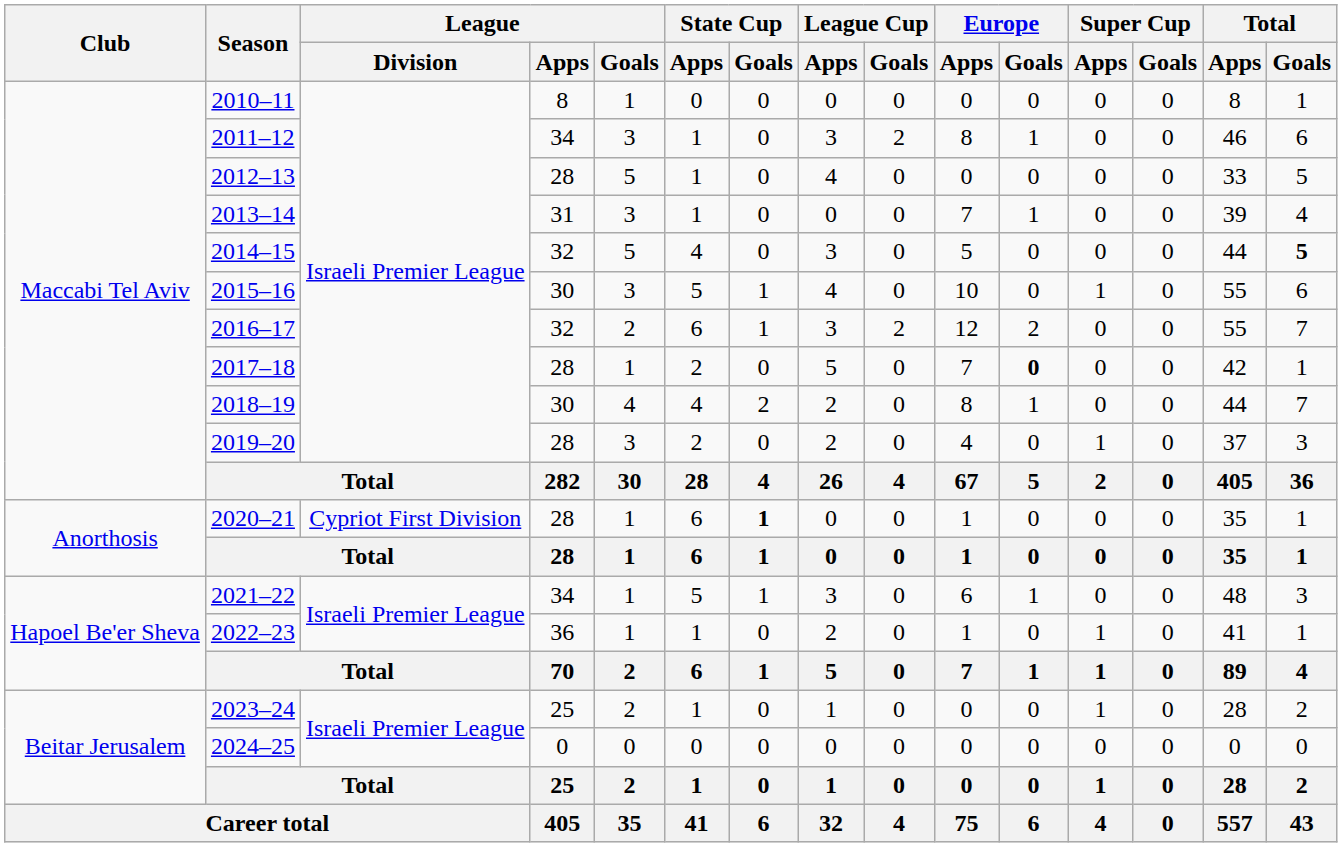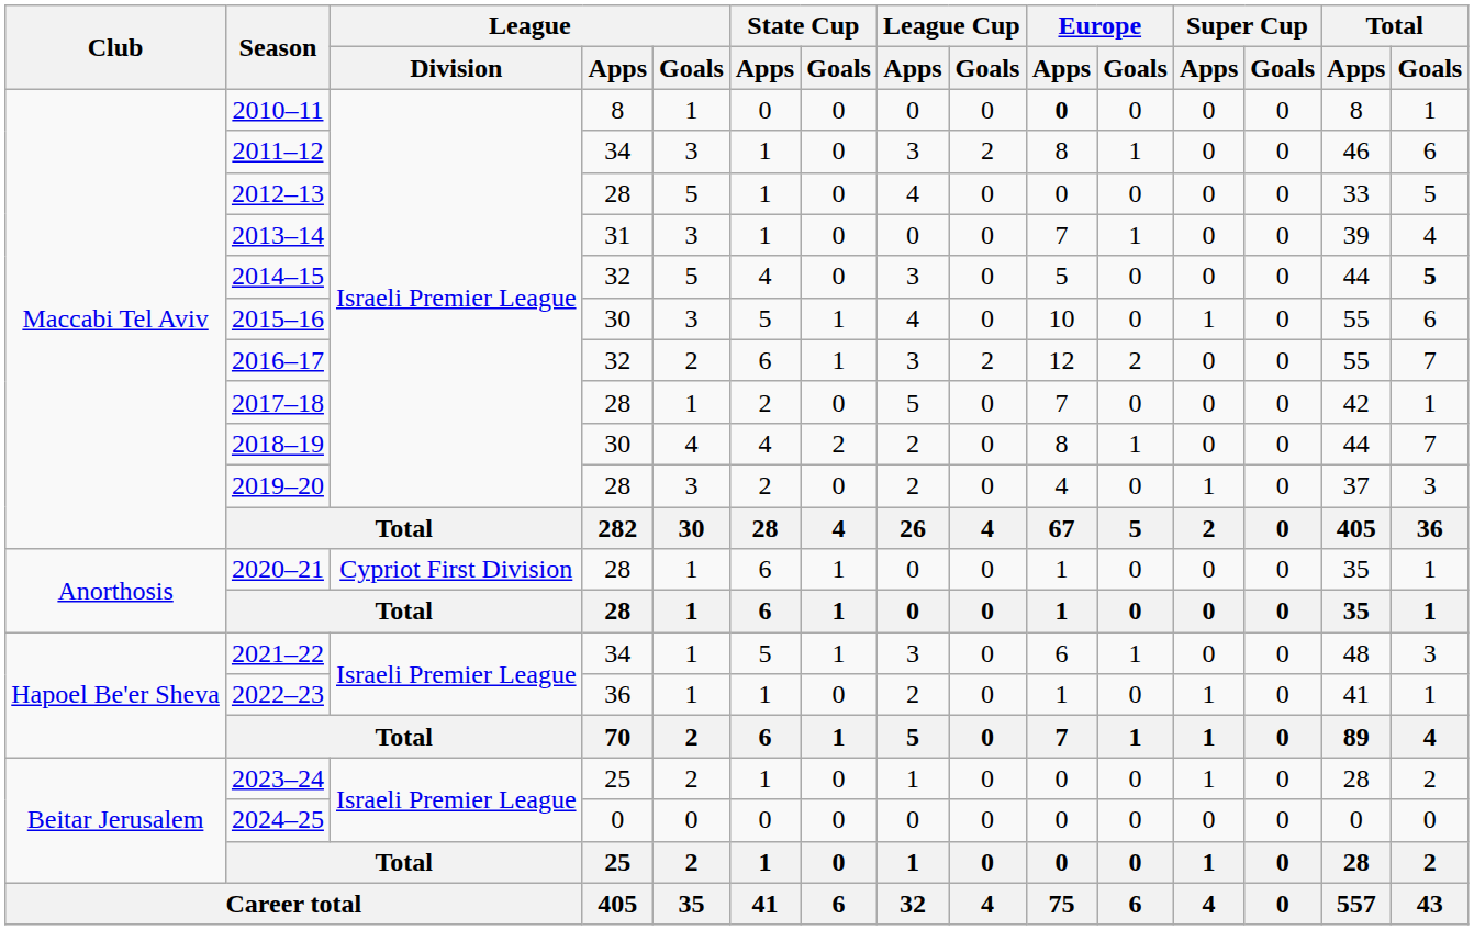 <table class="wikitable" style="text-align:center">
 <tr>
 <th rowspan="2">Club</th>
 <th rowspan="2">Season</th>
 <th colspan="3">League</th>
 <th colspan="2">State Cup</th>
 <th colspan="2">League Cup</th>
 <th colspan="2"><a href='#'>Europe</a></th>
 <th colspan="2">Super Cup</th>
 <th colspan="2">Total</th>
 </tr>
 <tr>
 <th>Division</th>
 <th>Apps</th>
 <th>Goals</th>
 <th>Apps</th>
 <th>Goals</th>
 <th>Apps</th>
 <th>Goals</th>
 <th>Apps</th>
 <th>Goals</th>
 <th>Apps</th>
 <th>Goals</th>
 <th>Apps</th>
 <th>Goals</th>
 </tr>
 <tr>
 <td rowspan="11"><a href='#'>Maccabi Tel Aviv</a></td>
 <td><a href='#'>2010–11</a></td>
 <td rowspan="10"><a href='#'>Israeli Premier League</a></td>
 <td>8</td>
 <td>1</td>
 <td>0</td>
 <td>0</td>
 <td>0</td>
 <td>0</td>
-<td>0</td>
+<td><strong>0</strong></td>
 <td>0</td>
 <td>0</td>
 <td>0</td>
 <td>8</td>
 <td>1</td>
 </tr>
 <tr>
 <td><a href='#'>2011–12</a></td>
 <td>34</td>
 <td>3</td>
 <td>1</td>
 <td>0</td>
 <td>3</td>
 <td>2</td>
 <td>8</td>
 <td>1</td>
 <td>0</td>
 <td>0</td>
 <td>46</td>
 <td>6</td>
 </tr>
 <tr>
 <td><a href='#'>2012–13</a></td>
 <td>28</td>
 <td>5</td>
 <td>1</td>
 <td>0</td>
 <td>4</td>
 <td>0</td>
 <td>0</td>
 <td>0</td>
 <td>0</td>
 <td>0</td>
 <td>33</td>
 <td>5</td>
 </tr>
 <tr>
 <td><a href='#'>2013–14</a></td>
 <td>31</td>
 <td>3</td>
 <td>1</td>
 <td>0</td>
 <td>0</td>
 <td>0</td>
 <td>7</td>
 <td>1</td>
 <td>0</td>
 <td>0</td>
 <td>39</td>
 <td>4</td>
 </tr>
 <tr>
 <td><a href='#'>2014–15</a></td>
 <td>32</td>
 <td>5</td>
 <td>4</td>
 <td>0</td>
 <td>3</td>
 <td>0</td>
 <td>5</td>
 <td>0</td>
 <td>0</td>
 <td>0</td>
 <td>44</td>
 <td><strong>5</strong></td>
 </tr>
 <tr>
 <td><a href='#'>2015–16</a></td>
 <td>30</td>
 <td>3</td>
 <td>5</td>
 <td>1</td>
 <td>4</td>
 <td>0</td>
 <td>10</td>
 <td>0</td>
 <td>1</td>
 <td>0</td>
 <td>55</td>
 <td>6</td>
 </tr>
 <tr>
 <td><a href='#'>2016–17</a></td>
 <td>32</td>
 <td>2</td>
 <td>6</td>
 <td>1</td>
 <td>3</td>
 <td>2</td>
 <td>12</td>
 <td>2</td>
 <td>0</td>
 <td>0</td>
 <td>55</td>
 <td>7</td>
 </tr>
 <tr>
 <td><a href='#'>2017–18</a></td>
 <td>28</td>
 <td>1</td>
 <td>2</td>
 <td>0</td>
 <td>5</td>
 <td>0</td>
 <td>7</td>
-<td><strong>0</strong></td>
+<td>0</td>
 <td>0</td>
 <td>0</td>
 <td>42</td>
 <td>1</td>
 </tr>
 <tr>
 <td><a href='#'>2018–19</a></td>
 <td>30</td>
 <td>4</td>
 <td>4</td>
 <td>2</td>
 <td>2</td>
 <td>0</td>
 <td>8</td>
 <td>1</td>
 <td>0</td>
 <td>0</td>
 <td>44</td>
 <td>7</td>
 </tr>
 <tr>
 <td><a href='#'>2019–20</a></td>
 <td>28</td>
 <td>3</td>
 <td>2</td>
 <td>0</td>
 <td>2</td>
 <td>0</td>
 <td>4</td>
 <td>0</td>
 <td>1</td>
 <td>0</td>
 <td>37</td>
 <td>3</td>
 </tr>
 <tr>
 <th colspan="2">Total</th>
 <th>282</th>
 <th>30</th>
 <th>28</th>
 <th>4</th>
 <th>26</th>
 <th>4</th>
 <th>67</th>
 <th>5</th>
 <th>2</th>
 <th>0</th>
 <th>405</th>
 <th>36</th>
 </tr>
 <tr>
 <td rowspan="2"><a href='#'>Anorthosis</a></td>
 <td><a href='#'>2020–21</a></td>
 <td rowspan="1"><a href='#'>Cypriot First Division</a></td>
 <td>28</td>
 <td>1</td>
 <td>6</td>
-<td><strong>1</strong></td>
+<td>1</td>
 <td>0</td>
 <td>0</td>
 <td>1</td>
 <td>0</td>
 <td>0</td>
 <td>0</td>
 <td>35</td>
 <td>1</td>
 </tr>
 <tr>
 <th colspan="2">Total</th>
 <th>28</th>
 <th>1</th>
 <th>6</th>
 <th>1</th>
 <th>0</th>
 <th>0</th>
 <th>1</th>
 <th>0</th>
 <th>0</th>
 <th>0</th>
 <th>35</th>
 <th>1</th>
 </tr>
 <tr>
 <td rowspan="3"><a href='#'>Hapoel Be'er Sheva</a></td>
 <td><a href='#'>2021–22</a></td>
 <td rowspan="2"><a href='#'>Israeli Premier League</a></td>
 <td>34</td>
 <td>1</td>
 <td>5</td>
 <td>1</td>
 <td>3</td>
 <td>0</td>
 <td>6</td>
 <td>1</td>
 <td>0</td>
 <td>0</td>
 <td>48</td>
 <td>3</td>
 </tr>
 <tr>
 <td><a href='#'>2022–23</a></td>
 <td>36</td>
 <td>1</td>
 <td>1</td>
 <td>0</td>
 <td>2</td>
 <td>0</td>
 <td>1</td>
 <td>0</td>
 <td>1</td>
 <td>0</td>
 <td>41</td>
 <td>1</td>
 </tr>
 <tr>
 <th colspan="2">Total</th>
 <th>70</th>
 <th>2</th>
 <th>6</th>
 <th>1</th>
 <th>5</th>
 <th>0</th>
 <th>7</th>
 <th>1</th>
 <th>1</th>
 <th>0</th>
 <th>89</th>
 <th>4</th>
 </tr>
 <tr>
 <td rowspan="3"><a href='#'>Beitar Jerusalem</a></td>
 <td><a href='#'>2023–24</a></td>
 <td rowspan="2"><a href='#'>Israeli Premier League</a></td>
 <td>25</td>
 <td>2</td>
 <td>1</td>
 <td>0</td>
 <td>1</td>
 <td>0</td>
 <td>0</td>
 <td>0</td>
 <td>1</td>
 <td>0</td>
 <td>28</td>
 <td>2</td>
 </tr>
 <tr>
 <td><a href='#'>2024–25</a></td>
 <td>0</td>
 <td>0</td>
 <td>0</td>
 <td>0</td>
 <td>0</td>
 <td>0</td>
 <td>0</td>
 <td>0</td>
 <td>0</td>
 <td>0</td>
 <td>0</td>
 <td>0</td>
 </tr>
 <tr>
 <th colspan="2">Total</th>
 <th>25</th>
 <th>2</th>
 <th>1</th>
 <th>0</th>
 <th>1</th>
 <th>0</th>
 <th>0</th>
 <th>0</th>
 <th>1</th>
 <th>0</th>
 <th>28</th>
 <th>2</th>
 </tr>
 <tr>
 <th colspan="3">Career total</th>
 <th>405</th>
 <th>35</th>
 <th>41</th>
 <th>6</th>
 <th>32</th>
 <th>4</th>
 <th>75</th>
 <th>6</th>
 <th>4</th>
 <th>0</th>
 <th>557</th>
 <th>43</th>
 </tr>
 </table>
